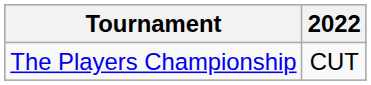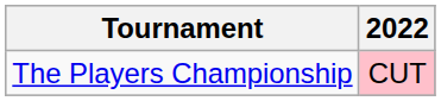 <table class="wikitable" style="font-size:95%;text-align:center;">
 <tr>
 <th>Tournament</th>
 <th>2022</th>
 </tr>
 <tr>
 <td align=left><a href='#'>The Players Championship</a></td>
-<td>CUT</td>
+<td style="background: pink;">CUT</td>
 </tr>
 </table>
